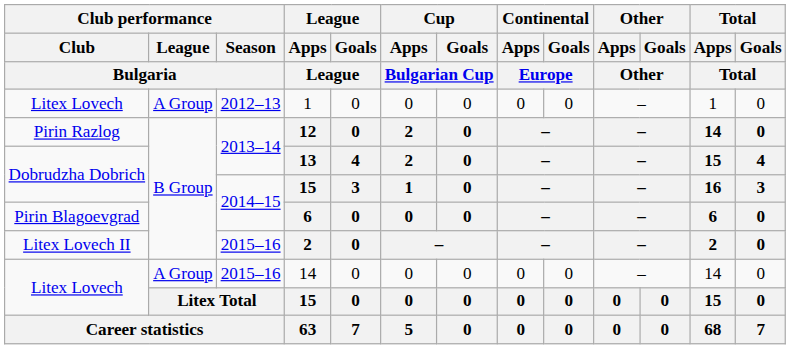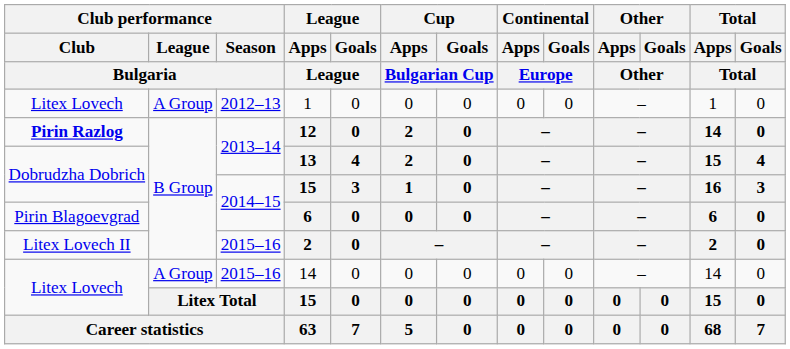 <table class="wikitable" style="font-size:90%; text-align: center">
 <tr>
 <th Colspan="3">Club performance</th>
 <th Colspan="2">League</th>
 <th Colspan="2">Cup</th>
 <th Colspan="2">Continental</th>
 <th Colspan="2">Other</th>
 <th Colspan="3">Total</th>
 </tr>
 <tr>
 <th>Club</th>
 <th>League</th>
 <th>Season</th>
 <th>Apps</th>
 <th>Goals</th>
 <th>Apps</th>
 <th>Goals</th>
 <th>Apps</th>
 <th>Goals</th>
 <th>Apps</th>
 <th>Goals</th>
 <th>Apps</th>
 <th>Goals</th>
 </tr>
 <tr>
 <th Colspan="3">Bulgaria</th>
 <th Colspan="2">League</th>
 <th Colspan="2"><a href='#'>Bulgarian Cup</a></th>
 <th Colspan="2"><a href='#'>Europe</a></th>
 <th Colspan="2">Other</th>
 <th Colspan="2">Total</th>
 </tr>
 <tr>
 <td rowspan="1" valign="center"><a href='#'>Litex Lovech</a></td>
 <td rowspan="1"><a href='#'>A Group</a></td>
 <td><a href='#'>2012–13</a></td>
 <td>1</td>
 <td>0</td>
 <td>0</td>
 <td>0</td>
 <td>0</td>
 <td>0</td>
 <td colspan="2">–</td>
 <td>1</td>
 <td>0</td>
 </tr>
 <tr>
-<td rowspan="1" valign="center"><a href='#'>Pirin Razlog</a></td>
+<td rowspan="1" valign="center"><strong><a href='#'>Pirin Razlog</a></strong></td>
 <td rowspan="5"><a href='#'>B Group</a></td>
 <td rowspan="2"><a href='#'>2013–14</a></td>
 <th>12</th>
 <th>0</th>
 <th>2</th>
 <th>0</th>
 <th colspan="2">–</th>
 <th colspan="2">–</th>
 <th>14</th>
 <th>0</th>
 </tr>
 <tr>
 <td rowspan="2" valign="center"><a href='#'>Dobrudzha Dobrich</a></td>
 <th>13</th>
 <th>4</th>
 <th>2</th>
 <th>0</th>
 <th colspan="2">–</th>
 <th colspan="2">–</th>
 <th>15</th>
 <th>4</th>
 </tr>
 <tr>
 <td rowspan="2"><a href='#'>2014–15</a></td>
 <th>15</th>
 <th>3</th>
 <th>1</th>
 <th>0</th>
 <th colspan="2">–</th>
 <th colspan="2">–</th>
 <th>16</th>
 <th>3</th>
 </tr>
 <tr>
 <td rowspan="1" valign="center"><a href='#'>Pirin Blagoevgrad</a></td>
 <th>6</th>
 <th>0</th>
 <th>0</th>
 <th>0</th>
 <th colspan="2">–</th>
 <th colspan="2">–</th>
 <th>6</th>
 <th>0</th>
 </tr>
 <tr>
 <td rowspan="1" valign="center"><a href='#'>Litex Lovech II</a></td>
 <td rowspan="1"><a href='#'>2015–16</a></td>
 <th>2</th>
 <th>0</th>
 <th colspan="2">–</th>
 <th colspan="2">–</th>
 <th colspan="2">–</th>
 <th>2</th>
 <th>0</th>
 </tr>
 <tr>
 <td rowspan="2" valign="center"><a href='#'>Litex Lovech</a></td>
 <td rowspan="1"><a href='#'>A Group</a></td>
 <td rowspan="1"><a href='#'>2015–16</a></td>
 <td>14</td>
 <td>0</td>
 <td>0</td>
 <td>0</td>
 <td>0</td>
 <td>0</td>
 <td colspan="2">–</td>
 <td>14</td>
 <td>0</td>
 </tr>
 <tr>
 <th colspan=2>Litex Total</th>
 <th>15</th>
 <th>0</th>
 <th>0</th>
 <th>0</th>
 <th>0</th>
 <th>0</th>
 <th>0</th>
 <th>0</th>
 <th>15</th>
 <th>0</th>
 </tr>
 <tr>
 <th colspan="3">Career statistics</th>
 <th>63</th>
 <th>7</th>
 <th>5</th>
 <th>0</th>
 <th>0</th>
 <th>0</th>
 <th>0</th>
 <th>0</th>
 <th>68</th>
 <th>7</th>
 </tr>
 </table>
